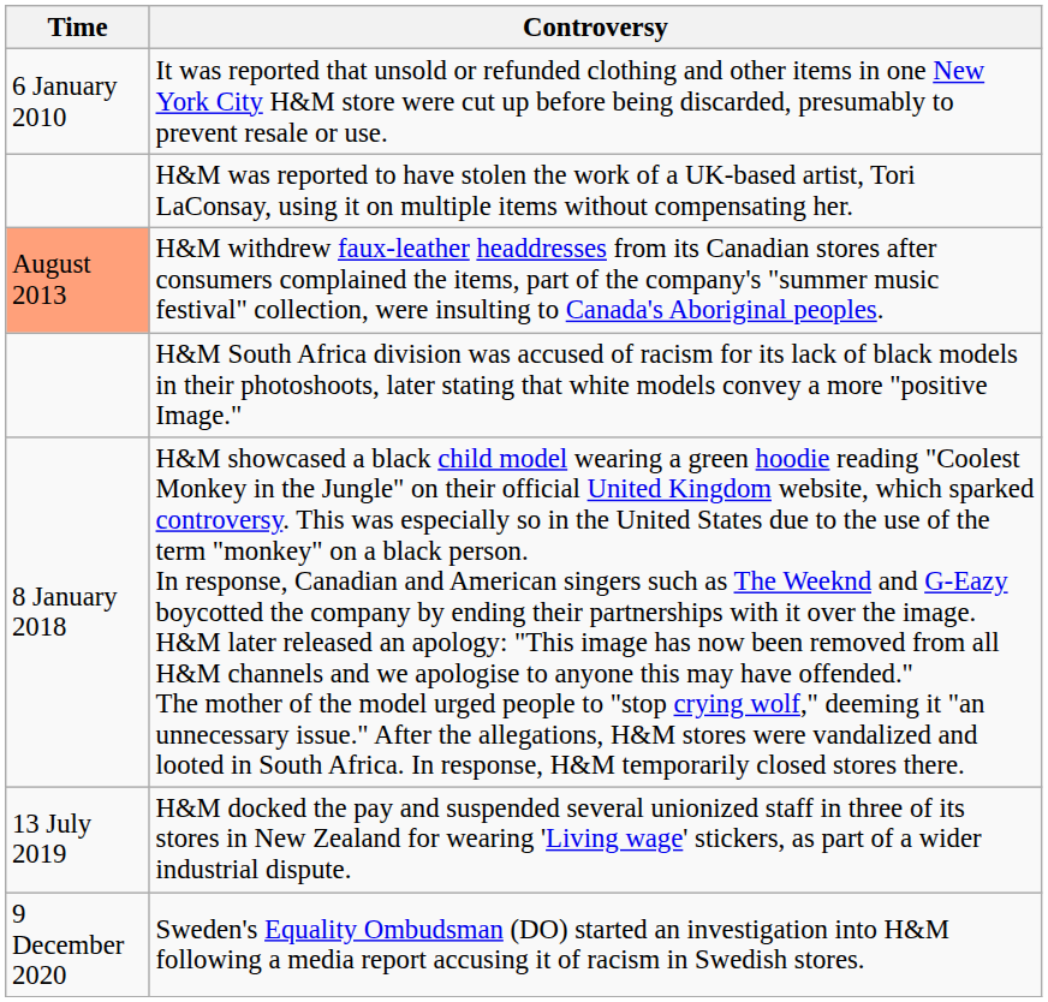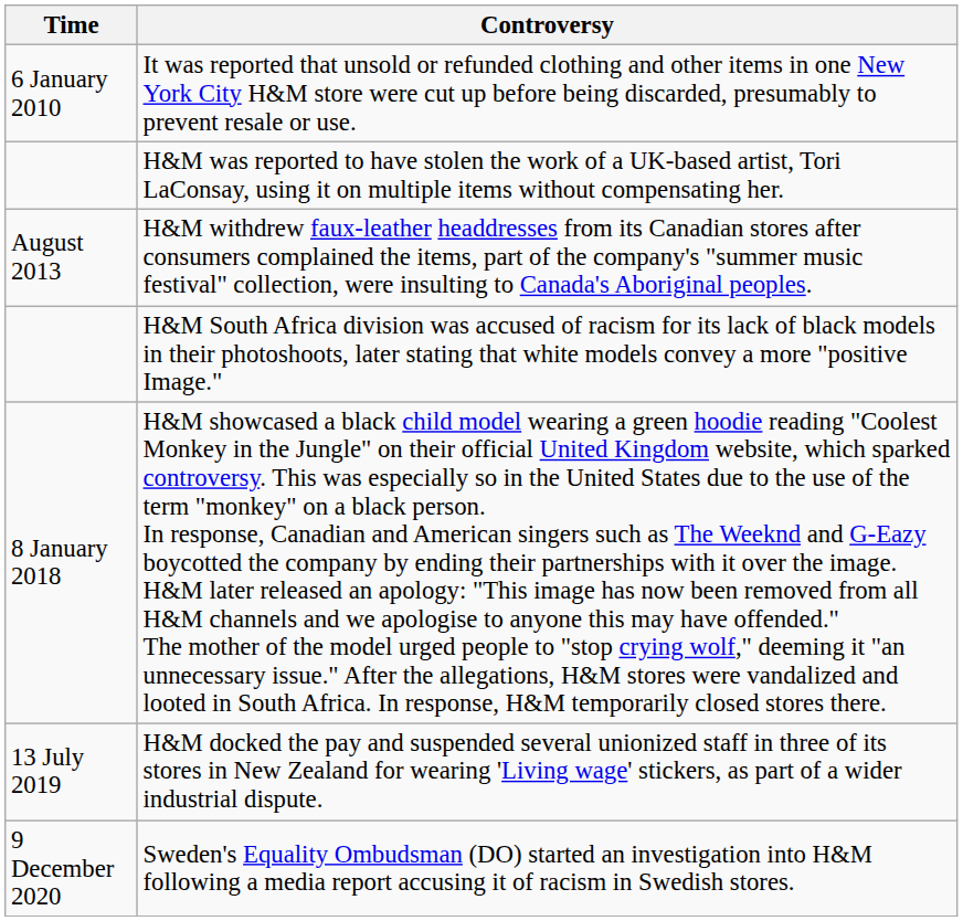 <table class="wikitable">
 <tr>
 <th>Time</th>
 <th>Controversy</th>
 </tr>
 <tr>
 <td>6 January 2010</td>
 <td>It was reported that unsold or refunded clothing and other items in one <a href='#'>New York City</a> H&M store were cut up before being discarded, presumably to prevent resale or use.</td>
 </tr>
 <tr>
 <td></td>
 <td>H&M was reported to have stolen the work of a UK-based artist, Tori LaConsay, using it on multiple items without compensating her.</td>
 </tr>
 <tr>
-<td style="background: lightsalmon;">August 2013</td>
+<td>August 2013</td>
 <td>H&M withdrew <a href='#'>faux-leather</a> <a href='#'>headdresses</a> from its Canadian stores after consumers complained the items, part of the company's "summer music festival" collection, were insulting to <a href='#'>Canada's Aboriginal peoples</a>.</td>
 </tr>
 <tr>
 <td></td>
 <td>H&M South Africa division was accused of racism for its lack of black models in their photoshoots, later stating that white models convey a more "positive Image."</td>
 </tr>
 <tr>
 <td>8 January 2018</td>
 <td>H&M showcased a black <a href='#'>child model</a> wearing a green <a href='#'>hoodie</a> reading "Coolest Monkey in the Jungle" on their official <a href='#'>United Kingdom</a> website, which sparked <a href='#'>controversy</a>. This was especially so in the United States due to the use of the term "monkey" on a black person.<br>In response, Canadian and American singers such as <a href='#'>The Weeknd</a> and <a href='#'>G-Eazy</a> boycotted the company by ending their partnerships with it over the image. H&M later released an apology: "This image has now been removed from all H&M channels and we apologise to anyone this may have offended."<br>The mother of the model urged people to "stop <a href='#'>crying wolf</a>," deeming it "an unnecessary issue." After the allegations, H&M stores were vandalized and looted in South Africa. In response, H&M temporarily closed stores there.</td>
 </tr>
 <tr>
 <td>13 July 2019</td>
 <td>H&M docked the pay and suspended several unionized staff in three of its stores in New Zealand for wearing '<a href='#'>Living wage</a>' stickers, as part of a wider industrial dispute.</td>
 </tr>
 <tr>
 <td>9 December 2020</td>
 <td>Sweden's <a href='#'>Equality Ombudsman</a> (DO) started an investigation into H&M following a media report accusing it of racism in Swedish stores.</td>
 </tr>
 </table>
